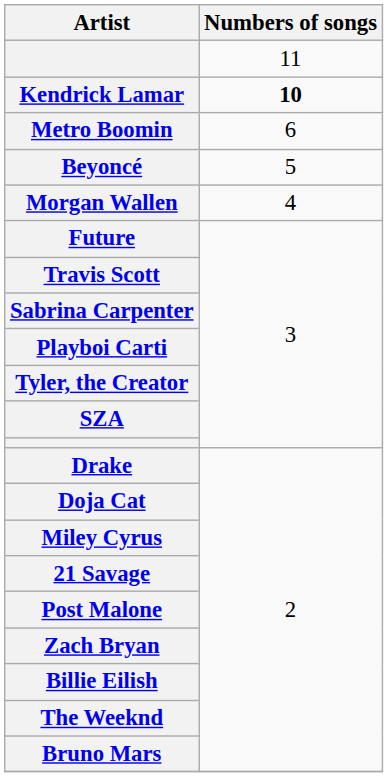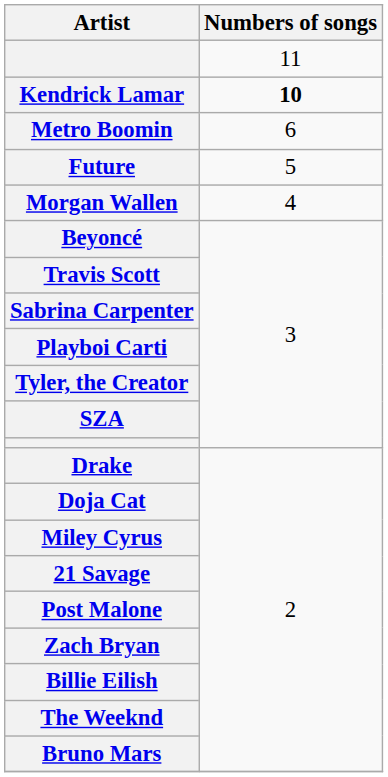 <table class="wikitable sortable plainrowheaders" style="text-align:center;">
 <tr>
 <th scope="col">Artist</th>
 <th scope="col">Numbers of songs</th>
 </tr>
 <tr>
 <th scope="row"></th>
 <td>11</td>
 </tr>
 <tr>
 <th scope="row"><a href='#'>Kendrick Lamar</a></th>
 <td><strong>10</strong></td>
 </tr>
 <tr>
 <th scope="row"><a href='#'>Metro Boomin</a></th>
 <td>6</td>
 </tr>
 <tr>
-<th scope="row"><a href='#'>Beyoncé</a></th>
+<th scope="row"><a href='#'>Future</a></th>
 <td>5</td>
 </tr>
 <tr>
 <th scope="row"><a href='#'>Morgan Wallen</a></th>
 <td>4</td>
 </tr>
 <tr>
-<th scope="row"><a href='#'>Future</a></th>
+<th scope="row"><a href='#'>Beyoncé</a></th>
 <td rowspan="7">3</td>
 </tr>
 <tr>
 <th scope="row"><a href='#'>Travis Scott</a></th>
 </tr>
 <tr>
 <th scope="row"><a href='#'>Sabrina Carpenter</a></th>
 </tr>
 <tr>
 <th scope="row"><a href='#'>Playboi Carti</a></th>
 </tr>
 <tr>
 <th scope="row"><a href='#'>Tyler, the Creator</a></th>
 </tr>
 <tr>
 <th scope="row"><a href='#'>SZA</a></th>
 </tr>
 <tr>
 <th scope="row"></th>
 </tr>
 <tr>
 <th scope="row"><a href='#'>Drake</a></th>
 <td rowspan="9">2</td>
 </tr>
 <tr>
 <th scope="row"><a href='#'>Doja Cat</a></th>
 </tr>
 <tr>
 <th scope="row"><a href='#'>Miley Cyrus</a></th>
 </tr>
 <tr>
 <th scope="row"><a href='#'>21 Savage</a></th>
 </tr>
 <tr>
 <th scope="row"><a href='#'>Post Malone</a></th>
 </tr>
 <tr>
 <th scope="row"><a href='#'>Zach Bryan</a></th>
 </tr>
 <tr>
 <th scope="row"><a href='#'>Billie Eilish</a></th>
 </tr>
 <tr>
 <th scope="row"><a href='#'>The Weeknd</a></th>
 </tr>
 <tr>
 <th scope="row"><a href='#'>Bruno Mars</a></th>
 </tr>
 <tr>
 </tr>
 </table>
